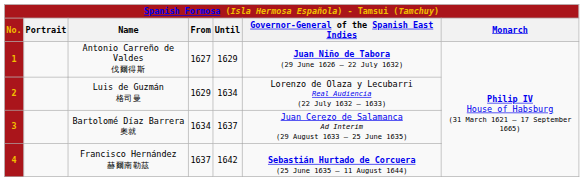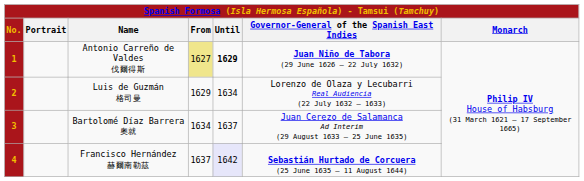 <table class="wikitable" style="text-align: center; width:70%">
 <tr>
 <th colspan="7" align="center" style="background:#AA151B; color:#F1BF00;"> <a href='#'><span>Spanish Formosa</span></a> (<em>Isla</em> <em>Hermosa Española</em>) - Tamsui (<em>Tamchuy</em>)</th>
 </tr>
 <tr>
 <th align=center style="background:#AA151B; color:#F1BF00;">No.</th>
 <th>Portrait</th>
 <th>Name</th>
 <th>From</th>
 <th>Until</th>
 <th><a href='#'>Governor-General</a> of the <a href='#'>Spanish East Indies</a><br></th>
 <th><a href='#'>Monarch</a><br></th>
 </tr>
 <tr>
 <th style="background:#AA151B; color:#F1BF00;">1</th>
 <td></td>
 <td>Antonio Carreño de Valdes<br>伐爾得斯</td>
-<td>1627</td>
-<td>1629</td>
+<td style="background: khaki;">1627</td>
+<td><strong>1629</strong></td>
 <td rowspan="2"><strong><a href='#'>Juan Niño de Tabora</a></strong><br><small>(29 June 1626 – 22 July 1632)</small></td>
 <td rowspan="7"><br><a href='#'><strong>Philip IV</strong></a><br><a href='#'>House of Habsburg</a><br><small>(31 March 1621 – 17 September 1665)</small></td>
 </tr>
 <tr>
 <th rowspan="3" style="background:#AA151B; color:#F1BF00;">2</th>
 <td rowspan="3"></td>
 <td rowspan="3">Luis de Guzmán<br>格司曼</td>
 <td rowspan="3">1629</td>
 <td rowspan="3">1634</td>
 </tr>
 <tr>
 <td>Lorenzo de Olaza y Lecubarri<br><small><em><a href='#'>Real Audiencia</a></em></small><br><small>(22 July 1632 – 1633)</small></td>
 </tr>
 <tr>
 <td rowspan="2"><a href='#'>Juan Cerezo de Salamanca</a><br><small><em>Ad Interim</em></small><br><small>(29 August 1633 – 25 June 1635)</small></td>
 </tr>
 <tr>
 <th rowspan="2" style="background:#AA151B; color:#F1BF00;">3</th>
 <td rowspan="2"></td>
 <td rowspan="2">Bartolomé Díaz Barrera<br>奧就</td>
 <td rowspan="2">1634</td>
 <td rowspan="2">1637</td>
 </tr>
 <tr>
 <td rowspan="2"><br><strong><a href='#'>Sebastián Hurtado de Corcuera</a></strong><br><small>(25 June 1635 – 11 August 1644)</small></td>
 </tr>
 <tr>
 <th style="background:#AA151B; color:#F1BF00;">4</th>
 <td></td>
 <td>Francisco Hernández<br>赫爾南勒茲</td>
 <td>1637</td>
-<td>1642</td>
+<td style="background: lavender;">1642</td>
 </tr>
 </table>
